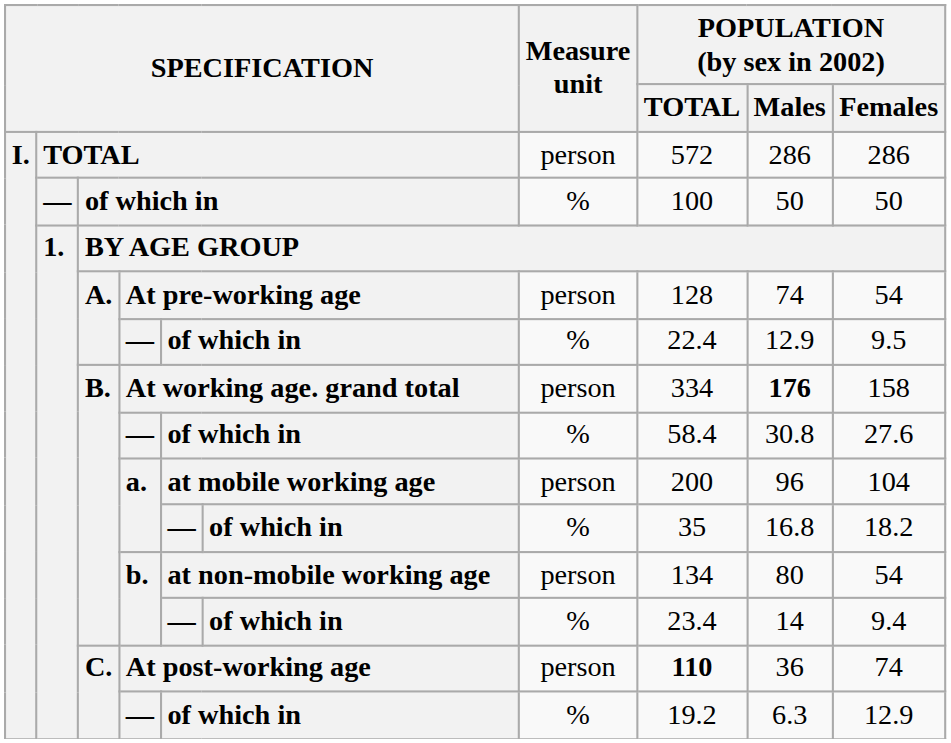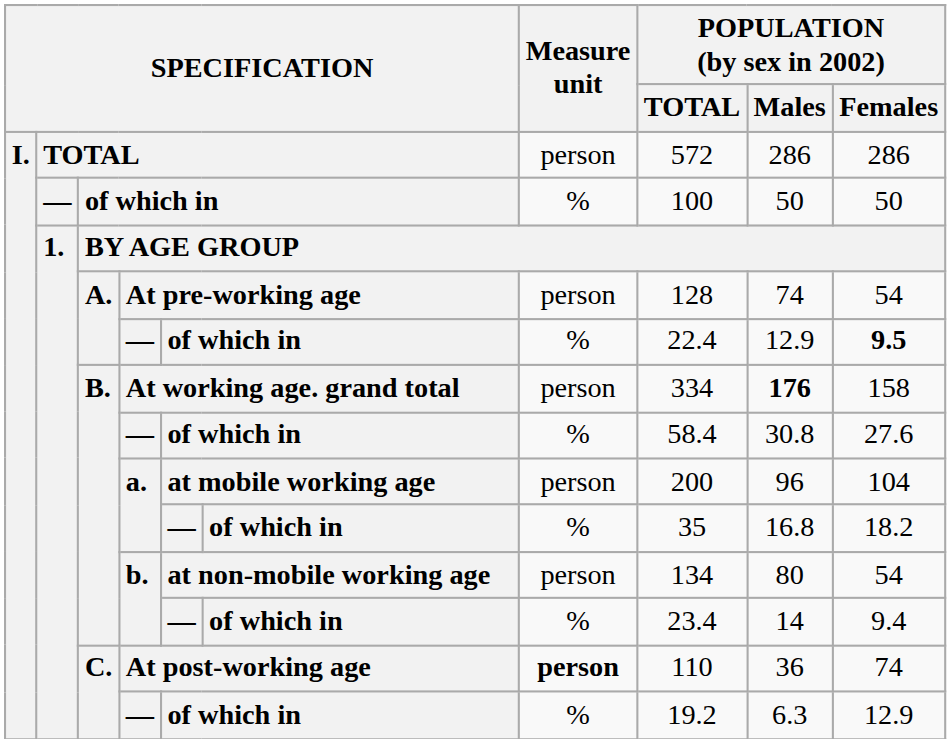 <table class="wikitable" style="font-size:85%; text-align:center">
 <tr>
 <th rowspan="2" colspan="6">SPECIFICATION</th>
 <th rowspan="2">Measure<br> unit</th>
 <th colspan="3" rowspan="1">POPULATION<br> (by sex in 2002)</th>
 </tr>
 <tr>
 <th>TOTAL</th>
 <th>Males</th>
 <th>Females</th>
 </tr>
 <tr>
 <th style="text-align:left" valign="top" rowspan="13">I.</th>
 <th style="text-align:left" colspan="5">TOTAL</th>
 <td>person</td>
 <td>572</td>
 <td>286</td>
 <td>286</td>
 </tr>
 <tr>
 <th style="text-align:left" valign="top">—</th>
 <th style="text-align:left" colspan="4">of which in</th>
 <td>%</td>
 <td>100</td>
 <td>50</td>
 <td>50</td>
 </tr>
 <tr>
 <th style="text-align:left" valign="top" rowspan="11">1.</th>
 <th style="text-align:left" colspan="19">BY AGE GROUP</th>
 </tr>
 <tr>
 <th style="text-align:left" valign="top" rowspan="2">A.</th>
 <th style="text-align:left" colspan="3">At pre-working age</th>
 <td>person</td>
 <td>128</td>
 <td>74</td>
 <td>54</td>
 </tr>
 <tr>
 <th style="text-align:left" valign="top">—</th>
 <th style="text-align:left" valign="top" colspan="2">of which in</th>
 <td>%</td>
 <td>22.4</td>
 <td>12.9</td>
-<td>9.5</td>
+<td><strong>9.5</strong></td>
 </tr>
 <tr>
 <th style="text-align:left" valign="top" rowspan="6">B.</th>
 <th style="text-align:left" colspan="3">At working age. grand total</th>
 <td>person</td>
 <td>334</td>
 <td><strong>176</strong></td>
 <td>158</td>
 </tr>
 <tr>
 <th style="text-align:left" valign="top">—</th>
 <th style="text-align:left" valign="top" colspan="2">of which in</th>
 <td>%</td>
 <td>58.4</td>
 <td>30.8</td>
 <td>27.6</td>
 </tr>
 <tr>
 <th style="text-align:left" valign="top" rowspan="2">a.</th>
 <th style="text-align:left" colspan="2">at mobile working age</th>
 <td>person</td>
 <td>200</td>
 <td>96</td>
 <td>104</td>
 </tr>
 <tr>
 <th style="text-align:left" valign="top">—</th>
 <th style="text-align:left" valign="top" colspan="1">of which in                        </th>
 <td>%</td>
 <td>35</td>
 <td>16.8</td>
 <td>18.2</td>
 </tr>
 <tr>
 <th style="text-align:left" valign="top" rowspan="2">b.</th>
 <th style="text-align:left" colspan="2">at non-mobile working age</th>
 <td>person</td>
 <td>134</td>
 <td>80</td>
 <td>54</td>
 </tr>
 <tr>
 <th style="text-align:left" valign="top">—</th>
 <th style="text-align:left" valign="top" colspan="1">of which in                        </th>
 <td>%</td>
 <td>23.4</td>
 <td>14</td>
 <td>9.4</td>
 </tr>
 <tr>
 <th style="text-align:left" valign="top" rowspan="2">C.</th>
 <th style="text-align:left" colspan="3">At post-working age</th>
-<td>person</td>
-<td><strong>110</strong></td>
+<td><strong>person</strong></td>
+<td>110</td>
 <td>36</td>
 <td>74</td>
 </tr>
 <tr>
 <th style="text-align:left" valign="top">—</th>
 <th style="text-align:left" valign="top" colspan="2">of which in</th>
 <td>%</td>
 <td>19.2</td>
 <td>6.3</td>
 <td>12.9</td>
 </tr>
 </table>
